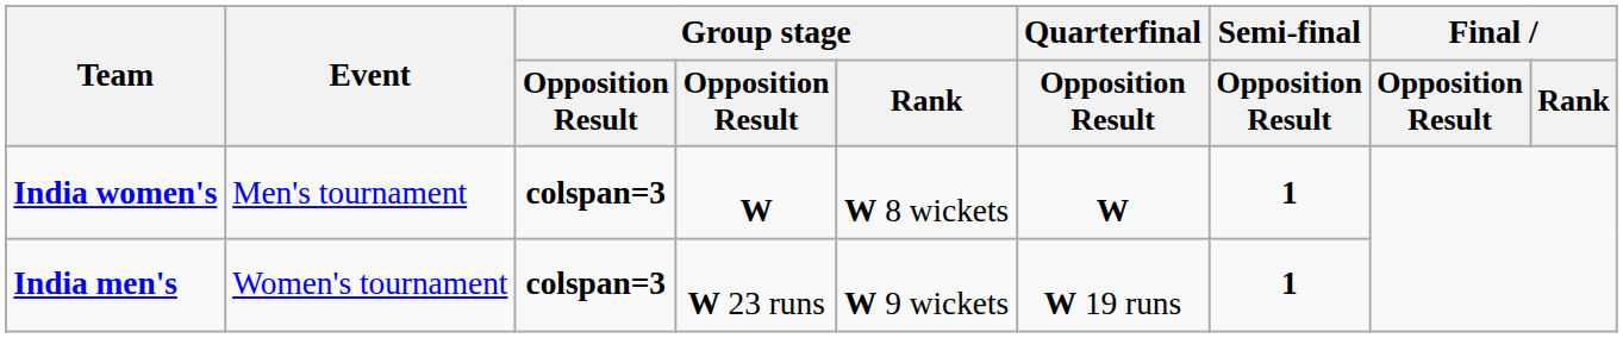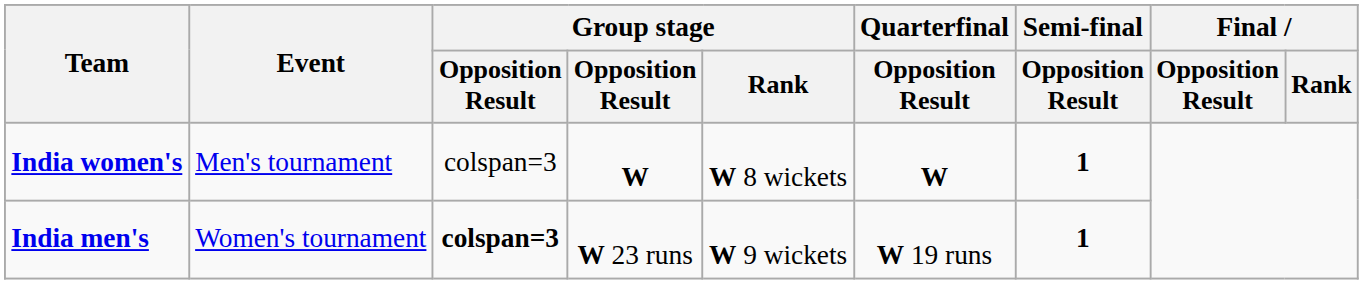 <table class=wikitable style=font-size:90%;text-align:center>
 <tr>
 <th rowspan=2>Team</th>
 <th rowspan=2>Event</th>
 <th colspan="3">Group stage</th>
 <th>Quarterfinal</th>
 <th>Semi-final</th>
 <th colspan=2>Final / </th>
 </tr>
 <tr style=font-size:95%>
 <th>Opposition<br>Result</th>
 <th>Opposition<br>Result</th>
 <th>Rank</th>
 <th>Opposition<br>Result</th>
 <th>Opposition<br>Result</th>
 <th>Opposition<br>Result</th>
 <th>Rank</th>
 </tr>
 <tr>
 <td align=left><strong><a href='#'>India women's</a></strong></td>
 <td align=left><a href='#'>Men's tournament</a></td>
-<td><strong>colspan=3 </strong></td>
+<td>colspan=3 </td>
 <td><br><strong>W</strong> </td>
 <td><br><strong>W</strong> 8 wickets</td>
 <td><br><strong>W</strong> </td>
 <td><strong>1</strong></td>
 </tr>
 <tr>
 <td align=left><strong><a href='#'>India men's</a></strong></td>
 <td align=left><a href='#'>Women's tournament</a></td>
 <td><strong>colspan=3 </strong></td>
 <td><br><strong>W</strong> 23 runs</td>
 <td><br><strong>W</strong> 9 wickets</td>
 <td><br><strong>W</strong> 19 runs</td>
 <td><strong>1</strong></td>
 </tr>
 </table>
